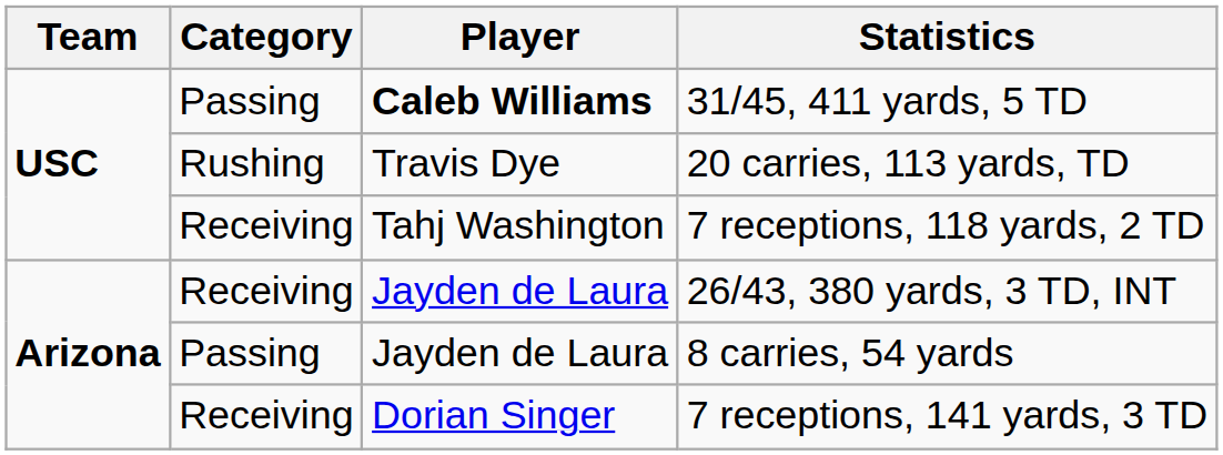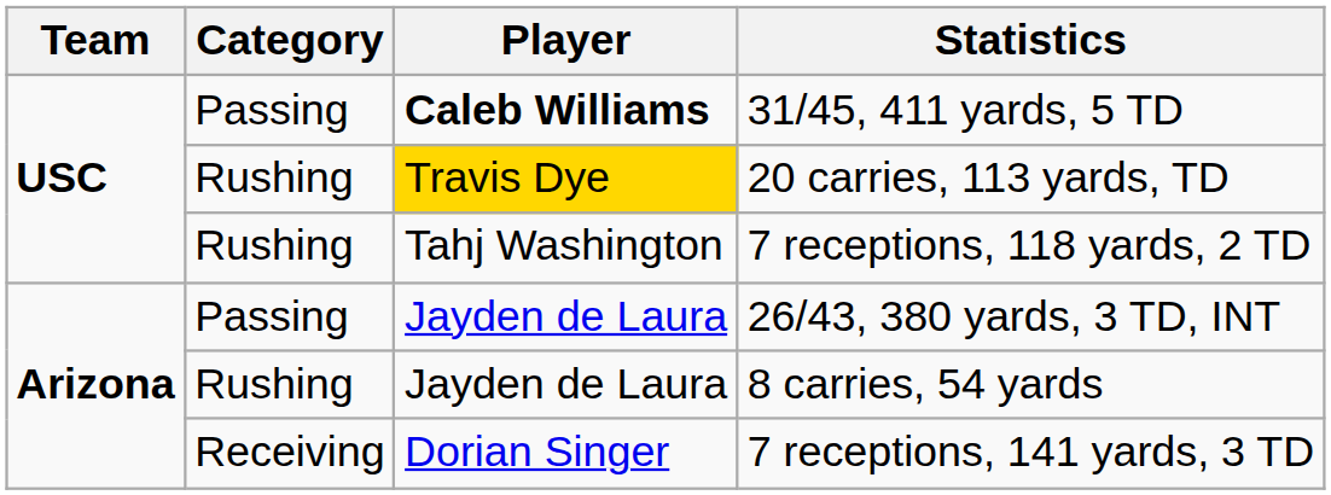 <table class="wikitable" style="float: right;">
 <tr>
 <th>Team</th>
 <th>Category</th>
 <th>Player</th>
 <th>Statistics</th>
 </tr>
 <tr>
 <td rowspan=3><strong>USC</strong></td>
 <td>Passing</td>
 <td><strong>Caleb Williams</strong></td>
 <td>31/45, 411 yards, 5 TD</td>
 </tr>
 <tr>
 <td>Rushing</td>
-<td>Travis Dye</td>
+<td style="background: gold;">Travis Dye</td>
 <td>20 carries, 113 yards, TD</td>
 </tr>
 <tr>
-<td>Receiving</td>
+<td>Rushing</td>
 <td>Tahj Washington</td>
 <td>7 receptions, 118 yards, 2 TD</td>
 </tr>
 <tr>
 <td rowspan=3><strong>Arizona</strong></td>
-<td>Receiving</td>
+<td>Passing</td>
 <td><a href='#'>Jayden de Laura</a></td>
 <td>26/43, 380 yards, 3 TD, INT</td>
 </tr>
 <tr>
-<td>Passing</td>
+<td>Rushing</td>
 <td>Jayden de Laura</td>
 <td>8 carries, 54 yards</td>
 </tr>
 <tr>
 <td>Receiving</td>
 <td><a href='#'>Dorian Singer</a></td>
 <td>7 receptions, 141 yards, 3 TD</td>
 </tr>
 </table>
